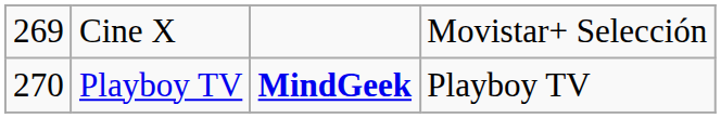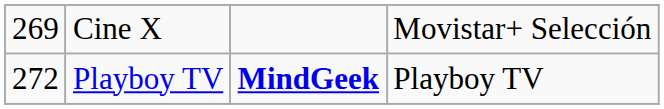 <table class="wikitable">
 <tr>
 <td>269</td>
 <td>Cine X</td>
 <td></td>
 <td>Movistar+ Selección</td>
 </tr>
 <tr>
-<td>270</td>
+<td>272</td>
 <td><a href='#'>Playboy TV</a></td>
 <td><strong><a href='#'>MindGeek</a></strong></td>
 <td>Playboy TV</td>
 </tr>
 </table>
